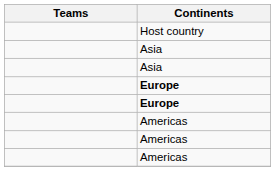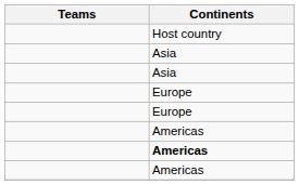 <table class="wikitable">
 <tr>
 <th width=180>Teams</th>
 <th width=180>Continents</th>
 </tr>
 <tr>
 <td></td>
 <td>Host country</td>
 </tr>
 <tr>
 <td></td>
 <td>Asia</td>
 </tr>
 <tr>
 <td></td>
 <td>Asia</td>
 </tr>
 <tr>
 <td></td>
-<td><strong>Europe</strong></td>
+<td>Europe</td>
 </tr>
 <tr>
 <td></td>
-<td><strong>Europe</strong></td>
+<td>Europe</td>
 </tr>
 <tr>
 <td></td>
 <td>Americas</td>
 </tr>
 <tr>
 <td></td>
-<td>Americas</td>
+<td><strong>Americas</strong></td>
 </tr>
 <tr>
 <td></td>
 <td>Americas</td>
 </tr>
 <tr>
 </tr>
 </table>
